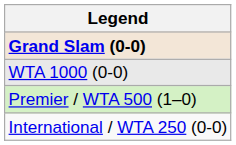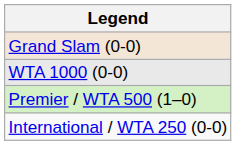 <table class="wikitable" style=font-size:90%>
 <tr>
 <th>Legend</th>
 </tr>
 <tr>
-<td style="background:#f3e6d7;"><strong><a href='#'>Grand Slam</a> (0-0)</strong></td>
+<td style="background:#f3e6d7;"><a href='#'>Grand Slam</a> (0-0)</td>
 </tr>
 <tr>
 <td style="background:#e9e9e9;"><a href='#'>WTA 1000</a> (0-0)</td>
 </tr>
 <tr>
 <td style="background:#d4f1c5;"><a href='#'>Premier</a> / <a href='#'>WTA 500</a> (1–0)</td>
 </tr>
 <tr>
 <td><a href='#'>International</a> / <a href='#'>WTA 250</a> (0-0)</td>
 </tr>
 </table>
